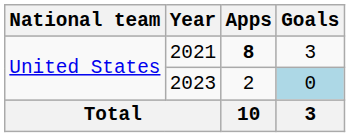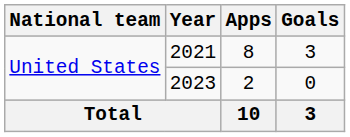 <table class="wikitable" style="text-align:center">
 <tr>
 <th>National team</th>
 <th>Year</th>
 <th>Apps</th>
 <th>Goals</th>
 </tr>
 <tr>
 <td rowspan=2><a href='#'>United States</a></td>
 <td>2021</td>
-<td><strong>8</strong></td>
+<td>8</td>
 <td>3</td>
 </tr>
 <tr>
 <td>2023</td>
 <td>2</td>
-<td style="background: lightblue;">0</td>
+<td>0</td>
 </tr>
 <tr>
 <th colspan="2">Total</th>
 <th>10</th>
 <th>3</th>
 </tr>
 </table>
